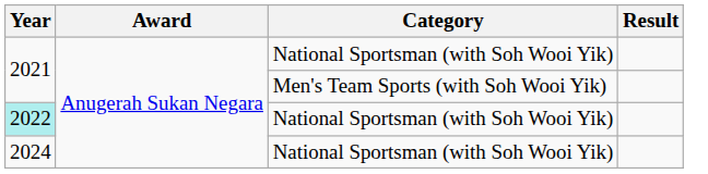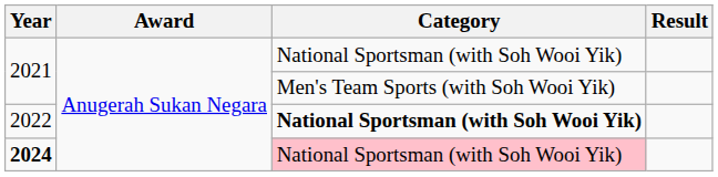 <table class="wikitable">
 <tr>
 <th>Year</th>
 <th>Award</th>
 <th>Category</th>
 <th>Result</th>
 </tr>
 <tr>
 <td rowspan="2">2021</td>
 <td rowspan="4"><a href='#'>Anugerah Sukan Negara</a></td>
 <td>National Sportsman (with Soh Wooi Yik)</td>
 <td></td>
 </tr>
 <tr>
 <td>Men's Team Sports (with Soh Wooi Yik)</td>
 <td></td>
 </tr>
 <tr>
-<td style="background: paleturquoise;">2022</td>
-<td>National Sportsman (with Soh Wooi Yik)</td>
+<td>2022</td>
+<td><strong>National Sportsman (with Soh Wooi Yik)</strong></td>
 <td></td>
 </tr>
 <tr>
-<td>2024</td>
-<td>National Sportsman (with Soh Wooi Yik)</td>
+<td><strong>2024</strong></td>
+<td style="background: pink;">National Sportsman (with Soh Wooi Yik)</td>
 <td></td>
 </tr>
 </table>
